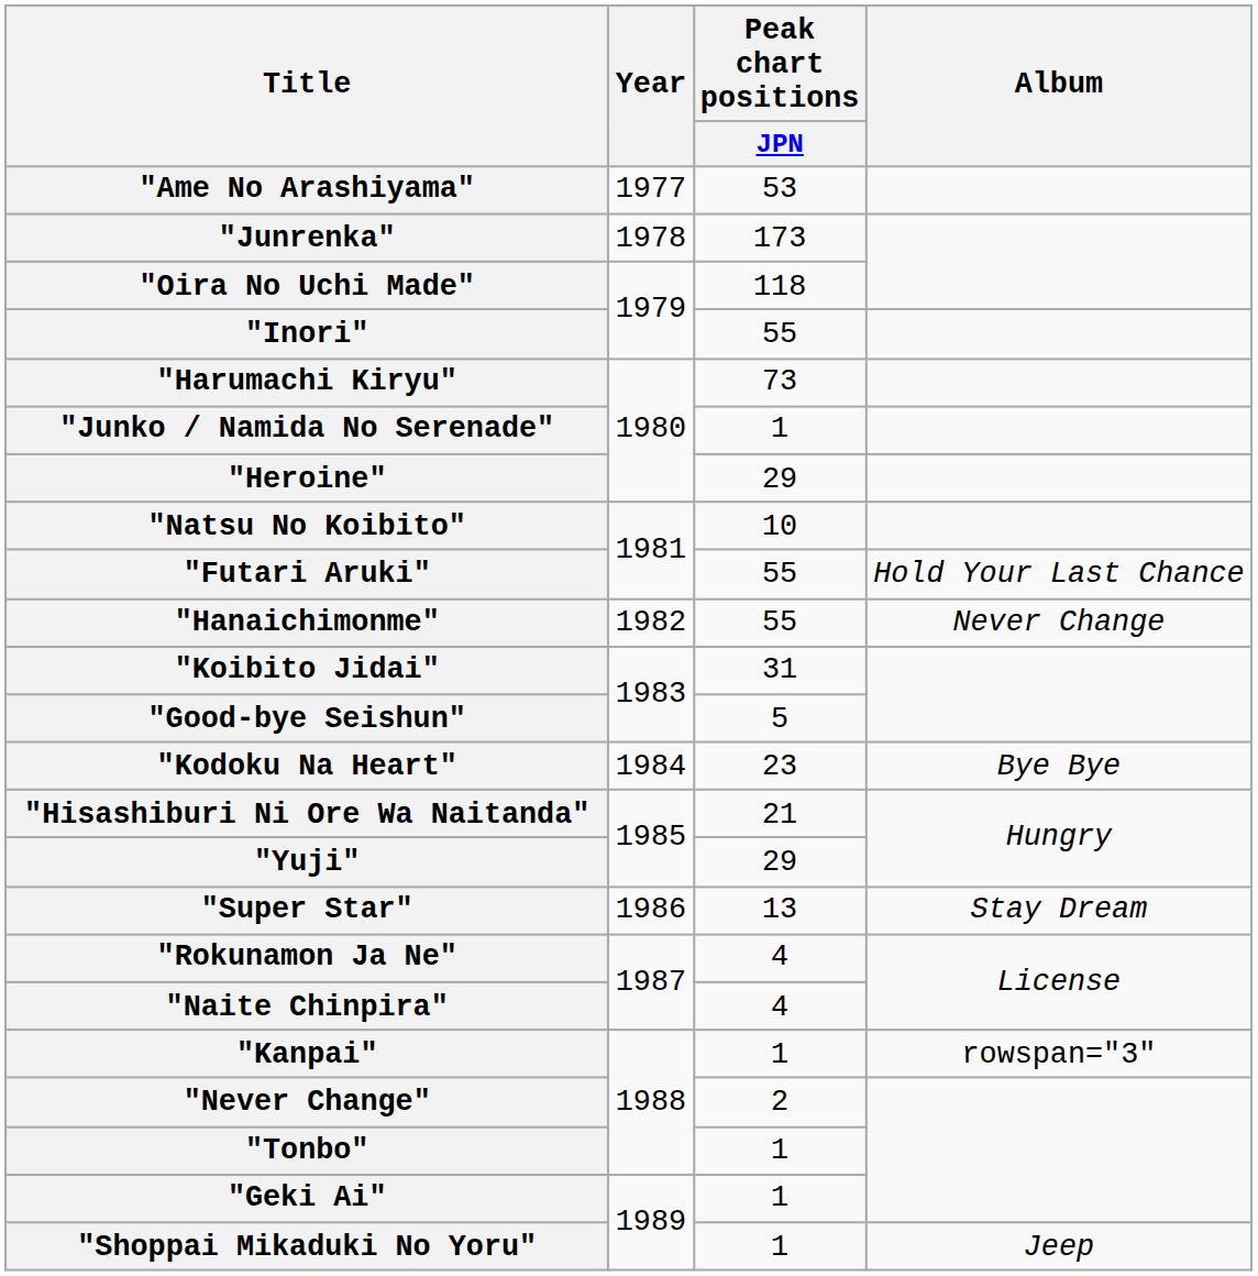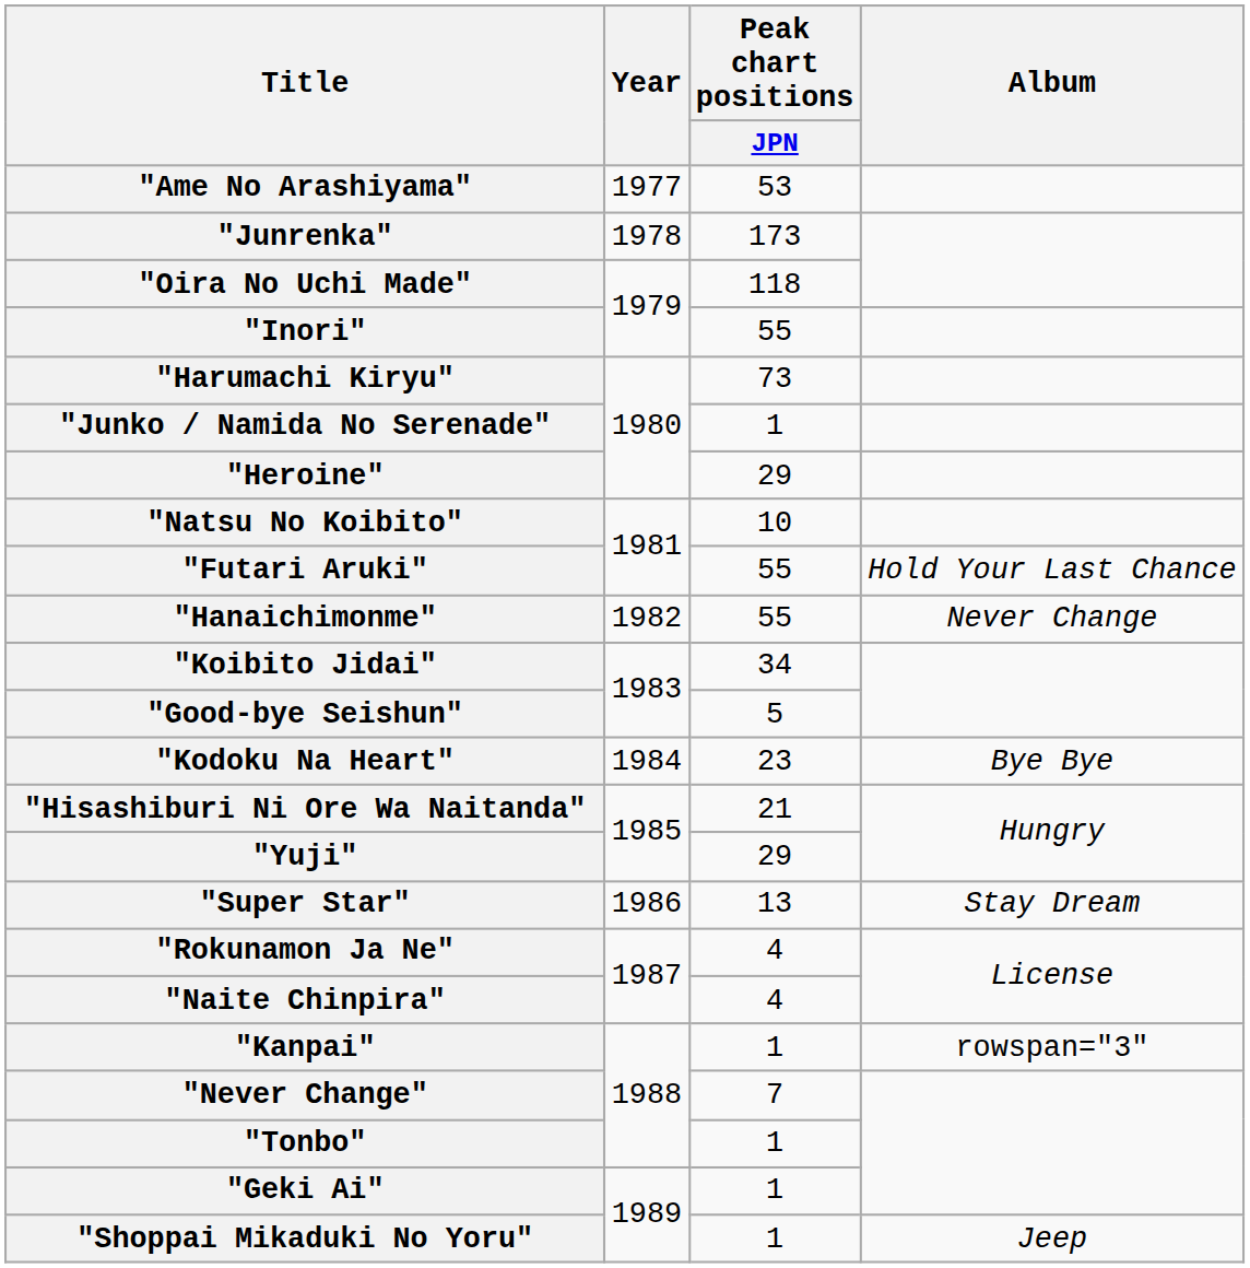 <table class="wikitable plainrowheaders" style="text-align:center;">
 <tr>
 <th rowspan="2" scope="col" style="width:20em;">Title</th>
 <th rowspan="2" scope="col">Year</th>
 <th scope="col">Peak chart positions</th>
 <th rowspan="2">Album</th>
 </tr>
 <tr>
 <th scope="col" style="width:2.5em;font-size:90%;"><a href='#'>JPN</a><br></th>
 </tr>
 <tr>
 <th scope="row">"Ame No Arashiyama" </th>
 <td>1977</td>
 <td>53</td>
 <td></td>
 </tr>
 <tr>
 <th scope="row">"Junrenka" </th>
 <td>1978</td>
 <td>173</td>
 <td rowspan="2"></td>
 </tr>
 <tr>
 <th scope="row">"Oira No Uchi Made" </th>
 <td rowspan="2">1979</td>
 <td>118</td>
 </tr>
 <tr>
 <th scope="row">"Inori" </th>
 <td>55</td>
 <td></td>
 </tr>
 <tr>
 <th scope="row">"Harumachi Kiryu" </th>
 <td rowspan="3">1980</td>
 <td>73</td>
 <td></td>
 </tr>
 <tr>
 <th scope="row">"Junko / Namida No Serenade" </th>
 <td>1</td>
 <td></td>
 </tr>
 <tr>
 <th scope="row">"Heroine" </th>
 <td>29</td>
 <td></td>
 </tr>
 <tr>
 <th scope="row">"Natsu No Koibito" </th>
 <td rowspan="2">1981</td>
 <td>10</td>
 <td></td>
 </tr>
 <tr>
 <th scope="row">"Futari Aruki" </th>
 <td>55</td>
 <td><em>Hold Your Last Chance</em></td>
 </tr>
 <tr>
 <th scope="row">"Hanaichimonme" </th>
 <td>1982</td>
 <td>55</td>
 <td><em>Never Change</em></td>
 </tr>
 <tr>
 <th scope="row">"Koibito Jidai" </th>
 <td rowspan="2">1983</td>
-<td>31</td>
+<td>34</td>
 </tr>
 <tr>
 <th scope="row">"Good-bye Seishun" </th>
 <td>5</td>
 </tr>
 <tr>
 <th scope="row">"Kodoku Na Heart" </th>
 <td>1984</td>
 <td>23</td>
 <td><em>Bye Bye</em></td>
 </tr>
 <tr>
 <th scope="row">"Hisashiburi Ni Ore Wa Naitanda" </th>
 <td rowspan="2">1985</td>
 <td>21</td>
 <td rowspan="2"><em>Hungry</em></td>
 </tr>
 <tr>
 <th scope="row">"Yuji" </th>
 <td>29</td>
 </tr>
 <tr>
 <th scope="row">"Super Star"</th>
 <td>1986</td>
 <td>13</td>
 <td><em>Stay Dream</em></td>
 </tr>
 <tr>
 <th scope="row">"Rokunamon Ja Ne" </th>
 <td rowspan="2">1987</td>
 <td>4</td>
 <td rowspan="2"><em>License</em></td>
 </tr>
 <tr>
 <th scope="row">"Naite Chinpira" </th>
 <td>4</td>
 </tr>
 <tr>
 <th scope="row">"Kanpai" </th>
 <td rowspan="3">1988</td>
 <td>1</td>
 <td>rowspan="3" </td>
 </tr>
 <tr>
 <th scope="row">"Never Change"</th>
-<td>2</td>
+<td>7</td>
 <td rowspan="3"></td>
 </tr>
 <tr>
 <th scope="row">"Tonbo" </th>
 <td>1</td>
 </tr>
 <tr>
 <th scope="row">"Geki Ai" </th>
 <td rowspan="2">1989</td>
 <td>1</td>
 </tr>
 <tr>
 <th scope="row">"Shoppai Mikaduki No Yoru" </th>
 <td>1</td>
 <td><em>Jeep</em></td>
 </tr>
 </table>
